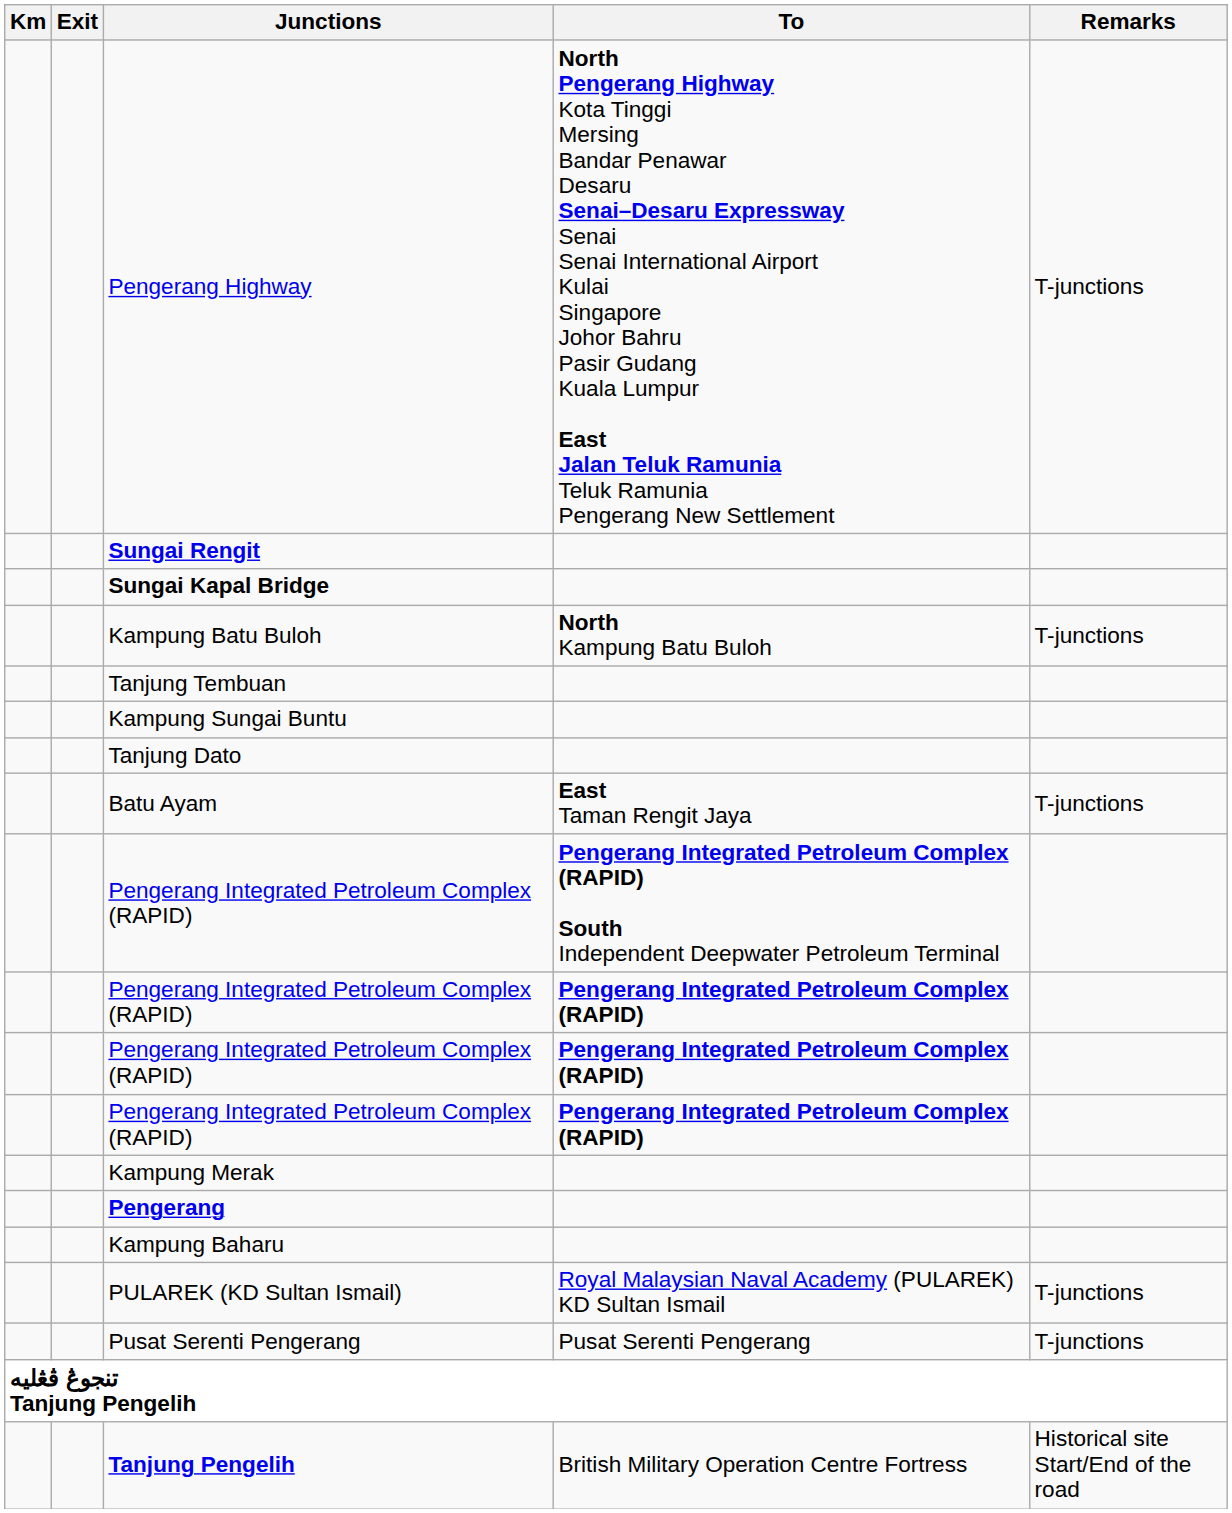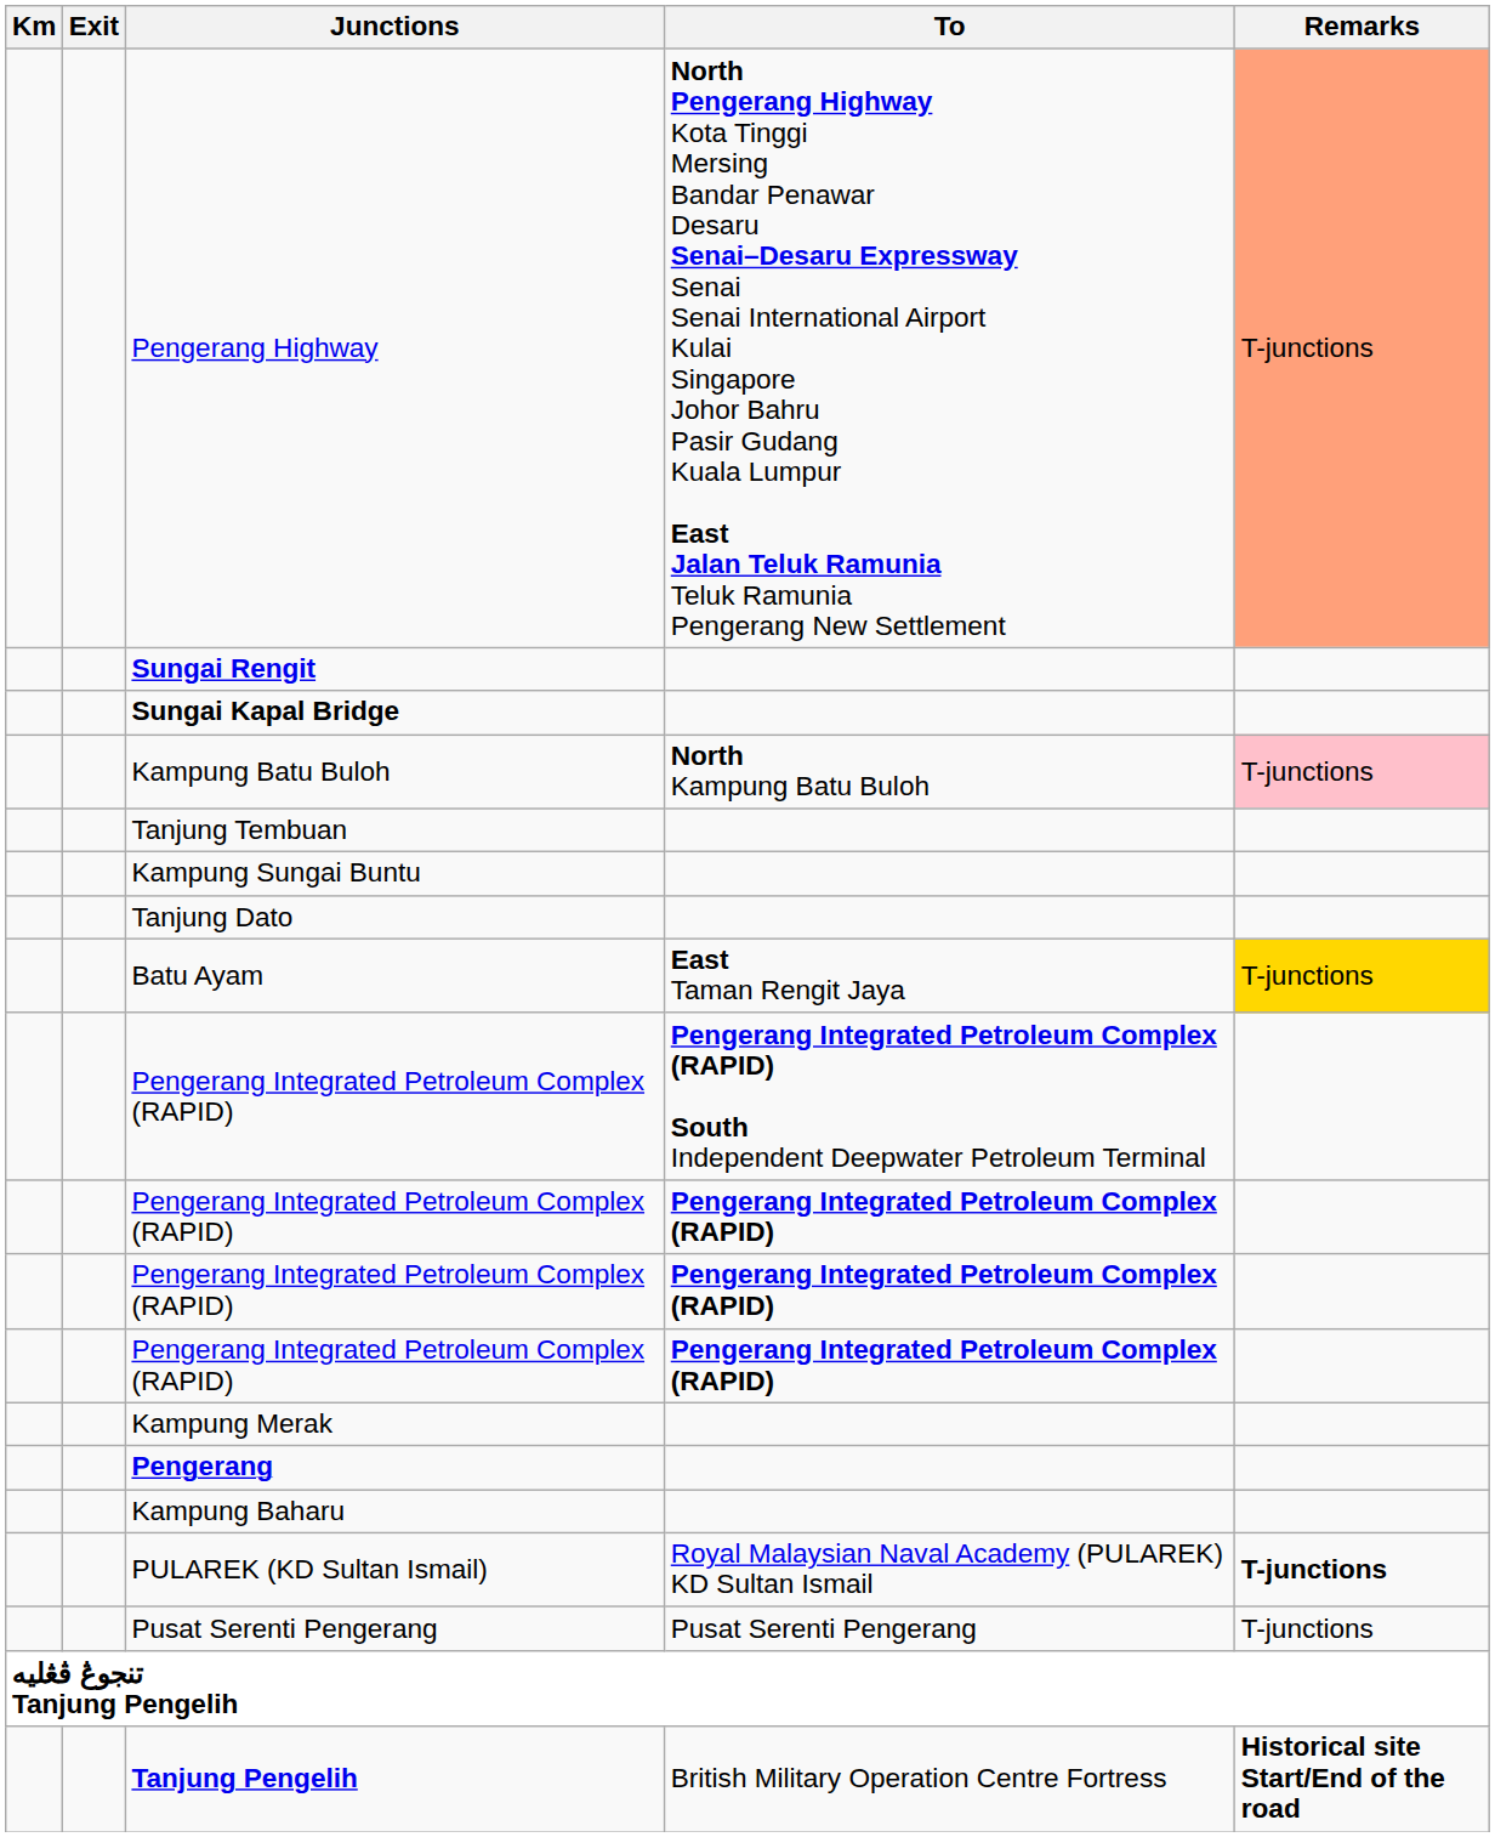 <table class="wikitable">
 <tr>
 <th>Km</th>
 <th>Exit</th>
 <th>Junctions</th>
 <th>To</th>
 <th>Remarks</th>
 </tr>
 <tr>
 <td></td>
 <td></td>
 <td><a href='#'>Pengerang Highway</a></td>
 <td><strong>North</strong><br> <strong><a href='#'>Pengerang Highway</a></strong><br> Kota Tinggi<br>  Mersing<br> Bandar Penawar<br> Desaru<br> <strong><a href='#'>Senai–Desaru Expressway</a></strong><br>Senai<br>Senai International Airport <br>Kulai<br>Singapore<br>Johor Bahru<br>Pasir Gudang<br>Kuala Lumpur<br><br><strong>East</strong><br> <strong><a href='#'>Jalan Teluk Ramunia</a></strong><br>Teluk Ramunia<br>Pengerang New Settlement</td>
-<td>T-junctions</td>
+<td style="background: lightsalmon;">T-junctions</td>
 </tr>
 <tr>
 <td></td>
 <td></td>
 <td><strong><a href='#'>Sungai Rengit</a></strong></td>
 <td></td>
 <td></td>
 </tr>
 <tr>
 <td></td>
 <td></td>
 <td><strong>Sungai Kapal Bridge</strong></td>
 <td></td>
 <td></td>
 </tr>
 <tr>
 <td></td>
 <td></td>
 <td>Kampung Batu Buloh</td>
 <td><strong>North</strong><br>Kampung Batu Buloh</td>
-<td>T-junctions</td>
+<td style="background: pink;">T-junctions</td>
 </tr>
 <tr>
 <td></td>
 <td></td>
 <td>Tanjung Tembuan</td>
 <td></td>
 <td></td>
 </tr>
 <tr>
 <td></td>
 <td></td>
 <td>Kampung Sungai Buntu</td>
 <td></td>
 <td></td>
 </tr>
 <tr>
 <td></td>
 <td></td>
 <td>Tanjung Dato</td>
 <td></td>
 <td></td>
 </tr>
 <tr>
 <td></td>
 <td></td>
 <td>Batu Ayam</td>
 <td><strong>East</strong><br>Taman Rengit Jaya</td>
-<td>T-junctions</td>
+<td style="background: gold;">T-junctions</td>
 </tr>
 <tr>
 <td></td>
 <td></td>
 <td><a href='#'>Pengerang Integrated Petroleum Complex</a> (RAPID)</td>
 <td><strong><a href='#'>Pengerang Integrated Petroleum Complex</a> (RAPID)</strong><br><br><strong>South</strong><br>Independent Deepwater Petroleum Terminal</td>
 <td></td>
 </tr>
 <tr>
 <td></td>
 <td></td>
 <td><a href='#'>Pengerang Integrated Petroleum Complex</a> (RAPID)</td>
 <td><strong><a href='#'>Pengerang Integrated Petroleum Complex</a> (RAPID)</strong></td>
 <td></td>
 </tr>
 <tr>
 <td></td>
 <td></td>
 <td><a href='#'>Pengerang Integrated Petroleum Complex</a> (RAPID)</td>
 <td><strong><a href='#'>Pengerang Integrated Petroleum Complex</a> (RAPID)</strong></td>
 <td></td>
 </tr>
 <tr>
 <td></td>
 <td></td>
 <td><a href='#'>Pengerang Integrated Petroleum Complex</a> (RAPID)</td>
 <td><strong><a href='#'>Pengerang Integrated Petroleum Complex</a> (RAPID)</strong></td>
 <td></td>
 </tr>
 <tr>
 <td></td>
 <td></td>
 <td>Kampung Merak</td>
 <td></td>
 <td></td>
 </tr>
 <tr>
 <td></td>
 <td></td>
 <td><strong><a href='#'>Pengerang</a></strong></td>
 <td></td>
 <td></td>
 </tr>
 <tr>
 <td></td>
 <td></td>
 <td>Kampung Baharu</td>
 <td></td>
 <td></td>
 </tr>
 <tr>
 <td></td>
 <td></td>
 <td>PULAREK (KD Sultan Ismail)</td>
 <td><a href='#'>Royal Malaysian Naval Academy</a> (PULAREK) <br>KD Sultan Ismail</td>
-<td>T-junctions</td>
+<td><strong>T-junctions</strong></td>
 </tr>
 <tr>
 <td></td>
 <td></td>
 <td>Pusat Serenti Pengerang</td>
 <td>Pusat Serenti Pengerang</td>
 <td>T-junctions</td>
 </tr>
 <tr>
 <td style="width:600px" colspan="6" style="text-align:center" bgcolor="white"><strong><span>تنجوڠ ڤڠليه<br>Tanjung Pengelih</span></strong></td>
 </tr>
 <tr>
 <td></td>
 <td></td>
 <td><strong><a href='#'>Tanjung Pengelih</a></strong></td>
 <td>British Military Operation Centre Fortress</td>
-<td>Historical site<br>Start/End of the road</td>
+<td><strong>Historical site<br>Start/End of the road</strong></td>
 </tr>
 </table>
